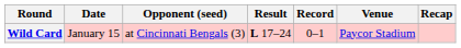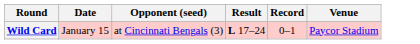 <table class="wikitable" style="text-align:center">
 <tr>
 <th>Round</th>
 <th>Date</th>
 <th>Opponent (seed)</th>
 <th>Result</th>
 <th>Record</th>
 <th>Venue</th>
-<th>Recap</th>
 </tr>
 <tr style="background:#fcc">
 <th><a href='#'>Wild Card</a></th>
 <td>January 15</td>
 <td>at <a href='#'>Cincinnati Bengals</a> (3)</td>
 <td><strong>L</strong> 17–24</td>
 <td>0–1</td>
 <td><a href='#'>Paycor Stadium</a></td>
-<td></td>
 </tr>
 </table>
